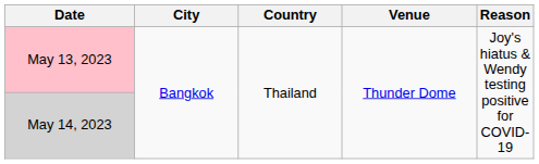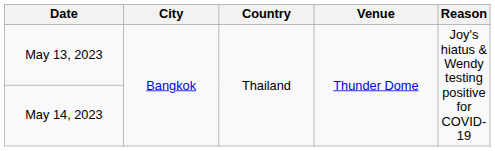 <table class="wikitable" style="text-align:center;">
 <tr>
 <th scope="col" style="width:11em;">Date</th>
 <th scope="col" style="width:8em;">City</th>
 <th scope="col" style="width:8em;">Country</th>
 <th scope="col" style="width:11em;">Venue</th>
 <th scope="col">Reason</th>
 </tr>
 <tr>
-<td style="background: pink;">May 13, 2023</td>
+<td>May 13, 2023</td>
 <td rowspan="2"><a href='#'>Bangkok</a></td>
 <td rowspan="2">Thailand</td>
 <td rowspan="2"><a href='#'>Thunder Dome</a></td>
 <td rowspan="2">Joy's hiatus & Wendy testing positive for COVID-19</td>
 </tr>
 <tr>
-<td style="background: lightgrey;">May 14, 2023</td>
+<td>May 14, 2023</td>
 </tr>
 </table>
